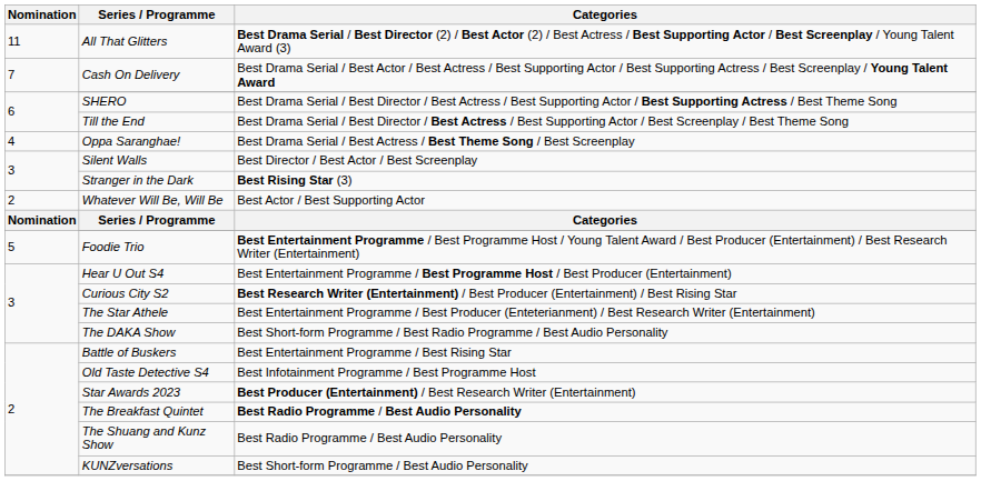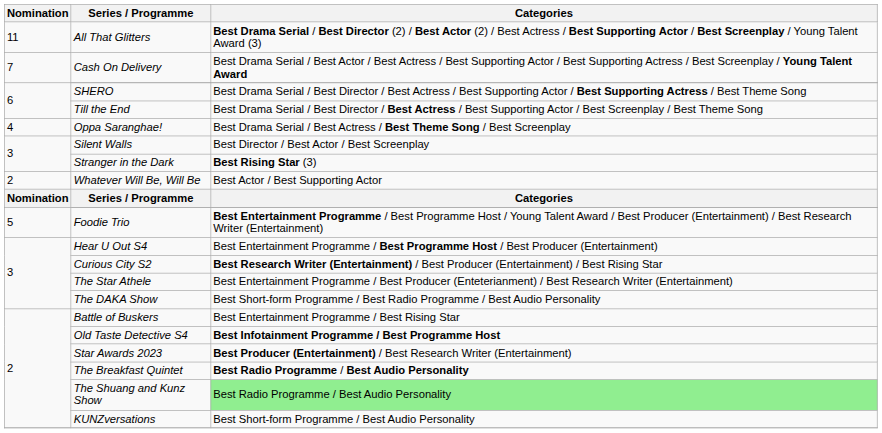 <table class="wikitable">
 <tr>
 <th>Nomination</th>
 <th>Series / Programme</th>
 <th>Categories</th>
 </tr>
 <tr>
 <td>11</td>
 <td><em>All That Glitters</em></td>
 <td><strong>Best Drama Serial</strong> / <strong>Best Director</strong> (2) / <strong>Best Actor</strong> (2) / Best Actress / <strong>Best Supporting Actor</strong> / <strong>Best Screenplay</strong> / Young Talent Award (3)</td>
 </tr>
 <tr>
 <td>7</td>
 <td><em>Cash On Delivery</em></td>
 <td>Best Drama Serial / Best Actor / Best Actress / Best Supporting Actor / Best Supporting Actress / Best Screenplay / <strong>Young Talent Award</strong></td>
 </tr>
 <tr>
 <td rowspan= 3>6</td>
 </tr>
 <tr>
 <td><em>SHERO</em></td>
 <td>Best Drama Serial / Best Director / Best Actress / Best Supporting Actor / <strong>Best Supporting Actress</strong> / Best Theme Song</td>
 </tr>
 <tr>
 <td><em>Till the End</em></td>
 <td>Best Drama Serial / Best Director / <strong>Best Actress</strong> / Best Supporting Actor / Best Screenplay / Best Theme Song</td>
 </tr>
 <tr>
 <td>4</td>
 <td><em>Oppa Saranghae!</em></td>
 <td>Best Drama Serial / Best Actress / <strong>Best Theme Song</strong> / Best Screenplay</td>
 </tr>
 <tr>
 <td rowspan= 2>3</td>
 <td><em>Silent Walls</em></td>
 <td>Best Director / Best Actor / Best Screenplay</td>
 </tr>
 <tr>
 <td><em>Stranger in the Dark</em></td>
 <td><strong>Best Rising Star</strong> (3)</td>
 </tr>
 <tr>
 <td>2</td>
 <td><em>Whatever Will Be, Will Be</em></td>
 <td>Best Actor / Best Supporting Actor</td>
 </tr>
 <tr>
 <th>Nomination</th>
 <th>Series / Programme</th>
 <th>Categories</th>
 </tr>
 <tr>
 <td rowspan= 2>5</td>
 </tr>
 <tr>
 <td><em>Foodie Trio </em></td>
 <td><strong>Best Entertainment Programme</strong> / Best Programme Host / Young Talent Award / Best Producer (Entertainment) / Best Research Writer (Entertainment)</td>
 </tr>
 <tr>
 <td rowspan= 4>3</td>
 <td><em>Hear U Out S4</em></td>
 <td>Best Entertainment Programme / <strong>Best Programme Host</strong> / Best Producer (Entertainment)</td>
 </tr>
 <tr>
 <td><em>Curious City S2</em></td>
 <td><strong>Best Research Writer (Entertainment)</strong> / Best Producer (Entertainment) / Best Rising Star</td>
 </tr>
 <tr>
 <td><em> The Star Athele</em></td>
 <td>Best Entertainment Programme / Best Producer (Enteterianment) / Best Research Writer (Entertainment)</td>
 </tr>
 <tr>
 <td><em>The DAKA Show</em></td>
 <td>Best Short-form Programme / Best Radio Programme / Best Audio Personality</td>
 </tr>
 <tr>
 <td rowspan= 6>2</td>
 <td><em>Battle of Buskers</em></td>
 <td>Best Entertainment Programme / Best Rising Star</td>
 </tr>
 <tr>
 <td><em>Old Taste Detective S4</em></td>
-<td>Best Infotainment Programme / Best Programme Host</td>
+<td><strong>Best Infotainment Programme / Best Programme Host</strong></td>
 </tr>
 <tr>
 <td><em>Star Awards 2023 </em></td>
 <td><strong>Best Producer (Entertainment)	</strong>/ Best Research Writer (Entertainment)</td>
 </tr>
 <tr>
 <td><em>The Breakfast Quintet</em></td>
 <td><strong>Best Radio Programme</strong> / <strong>Best Audio Personality</strong></td>
 </tr>
 <tr>
 <td><em>The Shuang and Kunz Show</em></td>
-<td>Best Radio Programme / Best Audio Personality</td>
+<td style="background: lightgreen;">Best Radio Programme / Best Audio Personality</td>
 </tr>
 <tr>
 <td><em>KUNZversations</em></td>
 <td>Best Short-form Programme / Best Audio Personality</td>
 </tr>
 <tr>
 </tr>
 </table>
